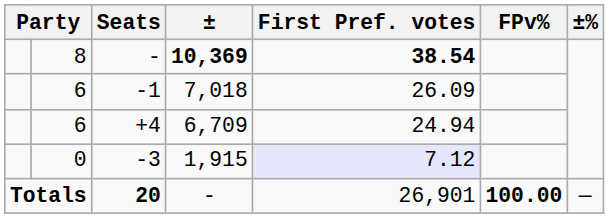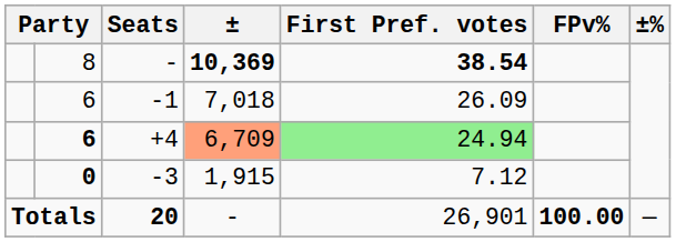 <table class=wikitable>
 <tr>
 <th colspan=2 align=center>Party</th>
 <th valign=top>Seats</th>
 <th valign=top>±</th>
 <th valign=top>First Pref. votes</th>
 <th valign=top>FPv%</th>
 <th valign=top>±%</th>
 </tr>
 <tr>
 <td></td>
 <td align=right>8</td>
 <td align=right>-</td>
 <td align=right><strong>10,369</strong></td>
 <td align=right><strong>38.54</strong></td>
 <td align=right></td>
 </tr>
 <tr>
 <td></td>
 <td align=right>6</td>
 <td align=right>-1</td>
 <td align=right>7,018</td>
 <td align=right>26.09</td>
 <td align=right></td>
 </tr>
 <tr>
 <td></td>
-<td align=right>6</td>
+<td align=right><strong>6</strong></td>
 <td align=right>+4</td>
-<td align=right>6,709</td>
-<td align=right>24.94</td>
+<td align=right style="background: lightsalmon;">6,709</td>
+<td align=right style="background: lightgreen;">24.94</td>
 <td align=right></td>
 </tr>
 <tr>
 <td></td>
-<td align=right>0</td>
+<td align=right><strong>0</strong></td>
 <td align=right>-3</td>
 <td align=right>1,915</td>
-<td align=right style="background: lavender;">7.12</td>
+<td align=right>7.12</td>
 <td align=right></td>
 </tr>
 <tr>
 <td colspan=2 align=center><strong>Totals</strong></td>
 <td align=right><strong>20</strong></td>
 <td align=center>-</td>
 <td align=right>26,901</td>
 <td align=center><strong>100.00</strong></td>
 <td align=center>—</td>
 </tr>
 </table>
